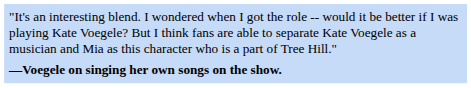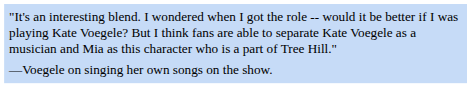 <table class="toccolours" style="float: right; margin-left: 1em; margin-right: 2em; font-size: 95%; background:#c6dbf7; color:black; width:35em; max-width: 40%;" cellspacing="5">
 <tr>
 <td style="text-align: left;">"It's an interesting blend. I wondered when I got the role -- would it be better if I was playing Kate Voegele? But I think fans are able to separate Kate Voegele as a musician and Mia as this character who is a part of Tree Hill."</td>
 </tr>
 <tr>
-<td style="text-align: left;"><strong>—Voegele on singing her own songs on the show.</strong></td>
+<td style="text-align: left;">—Voegele on singing her own songs on the show.</td>
 </tr>
 </table>
